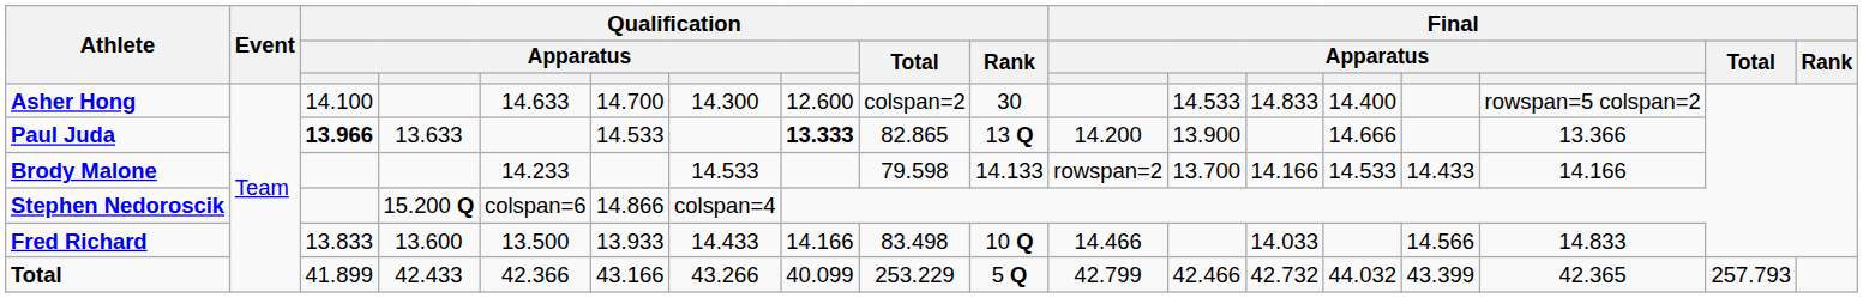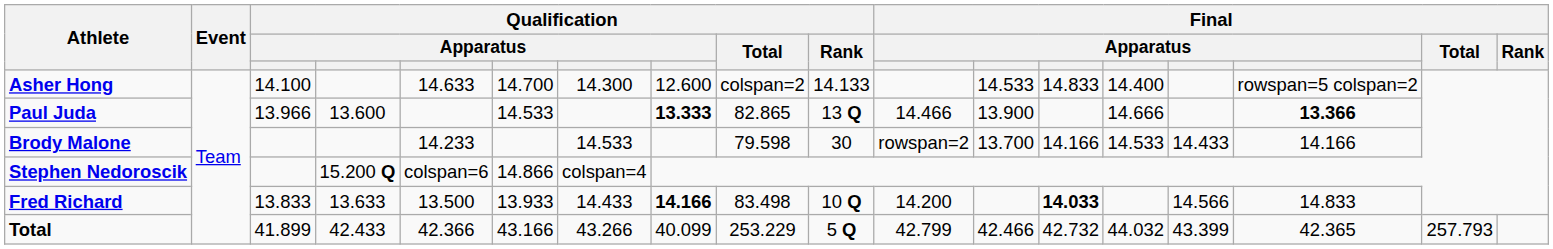 <table class=wikitable style=font-size:90%;text-align:center>
 <tr>
 <th rowspan=3>Athlete</th>
 <th rowspan=3>Event</th>
 <th colspan =8>Qualification</th>
 <th colspan =8>Final</th>
 </tr>
 <tr style=font-size:95%>
 <th colspan=6>Apparatus</th>
 <th rowspan=2>Total</th>
 <th rowspan=2>Rank</th>
 <th colspan=6>Apparatus</th>
 <th rowspan=2>Total</th>
 <th rowspan=2>Rank</th>
 </tr>
 <tr style=font-size:95%>
 <th></th>
 <th></th>
 <th></th>
 <th></th>
 <th></th>
 <th></th>
 <th></th>
 <th></th>
 <th></th>
 <th></th>
 <th></th>
 <th></th>
 </tr>
 <tr>
 <td align=left><strong><a href='#'>Asher Hong</a></strong></td>
 <td align=left rowspan=6><a href='#'>Team</a></td>
 <td>14.100</td>
 <td></td>
 <td>14.633</td>
 <td>14.700</td>
 <td>14.300</td>
 <td>12.600</td>
 <td>colspan=2 </td>
-<td>30</td>
+<td>14.133</td>
 <td></td>
 <td>14.533</td>
 <td>14.833</td>
 <td>14.400</td>
 <td></td>
 <td>rowspan=5 colspan=2 </td>
 </tr>
 <tr>
 <td align=left><strong><a href='#'>Paul Juda</a></strong></td>
-<td><strong>13.966</strong></td>
-<td>13.633</td>
+<td>13.966</td>
+<td>13.600</td>
 <td></td>
 <td>14.533</td>
 <td></td>
 <td><strong>13.333</strong></td>
 <td>82.865</td>
 <td>13 <strong>Q</strong></td>
-<td>14.200</td>
+<td>14.466</td>
 <td>13.900</td>
 <td></td>
 <td>14.666</td>
 <td></td>
-<td>13.366</td>
+<td><strong>13.366</strong></td>
 </tr>
 <tr>
 <td align=left><strong><a href='#'>Brody Malone</a></strong></td>
 <td></td>
 <td></td>
 <td>14.233</td>
 <td></td>
 <td>14.533</td>
 <td></td>
 <td>79.598</td>
-<td>14.133</td>
+<td>30</td>
 <td>rowspan=2 </td>
 <td>13.700</td>
 <td>14.166</td>
 <td>14.533</td>
 <td>14.433</td>
 <td>14.166</td>
 </tr>
 <tr>
 <td align=left><strong><a href='#'>Stephen Nedoroscik</a></strong></td>
 <td></td>
 <td>15.200 <strong>Q</strong></td>
 <td>colspan=6 </td>
 <td>14.866</td>
 <td>colspan=4 </td>
 </tr>
 <tr>
 <td align=left><strong><a href='#'>Fred Richard</a></strong></td>
 <td>13.833</td>
-<td>13.600</td>
+<td>13.633</td>
 <td>13.500</td>
 <td>13.933</td>
 <td>14.433</td>
-<td>14.166</td>
+<td><strong>14.166</strong></td>
 <td>83.498</td>
 <td>10 <strong>Q</strong></td>
-<td>14.466</td>
+<td>14.200</td>
 <td></td>
-<td>14.033</td>
+<td><strong>14.033</strong></td>
 <td></td>
 <td>14.566</td>
 <td>14.833</td>
 </tr>
 <tr>
 <td align=left><strong>Total</strong></td>
 <td>41.899</td>
 <td>42.433</td>
 <td>42.366</td>
 <td>43.166</td>
 <td>43.266</td>
 <td>40.099</td>
 <td>253.229</td>
 <td>5 <strong>Q</strong></td>
 <td>42.799</td>
 <td>42.466</td>
 <td>42.732</td>
 <td>44.032</td>
 <td>43.399</td>
 <td>42.365</td>
 <td>257.793</td>
 <td></td>
 </tr>
 </table>
